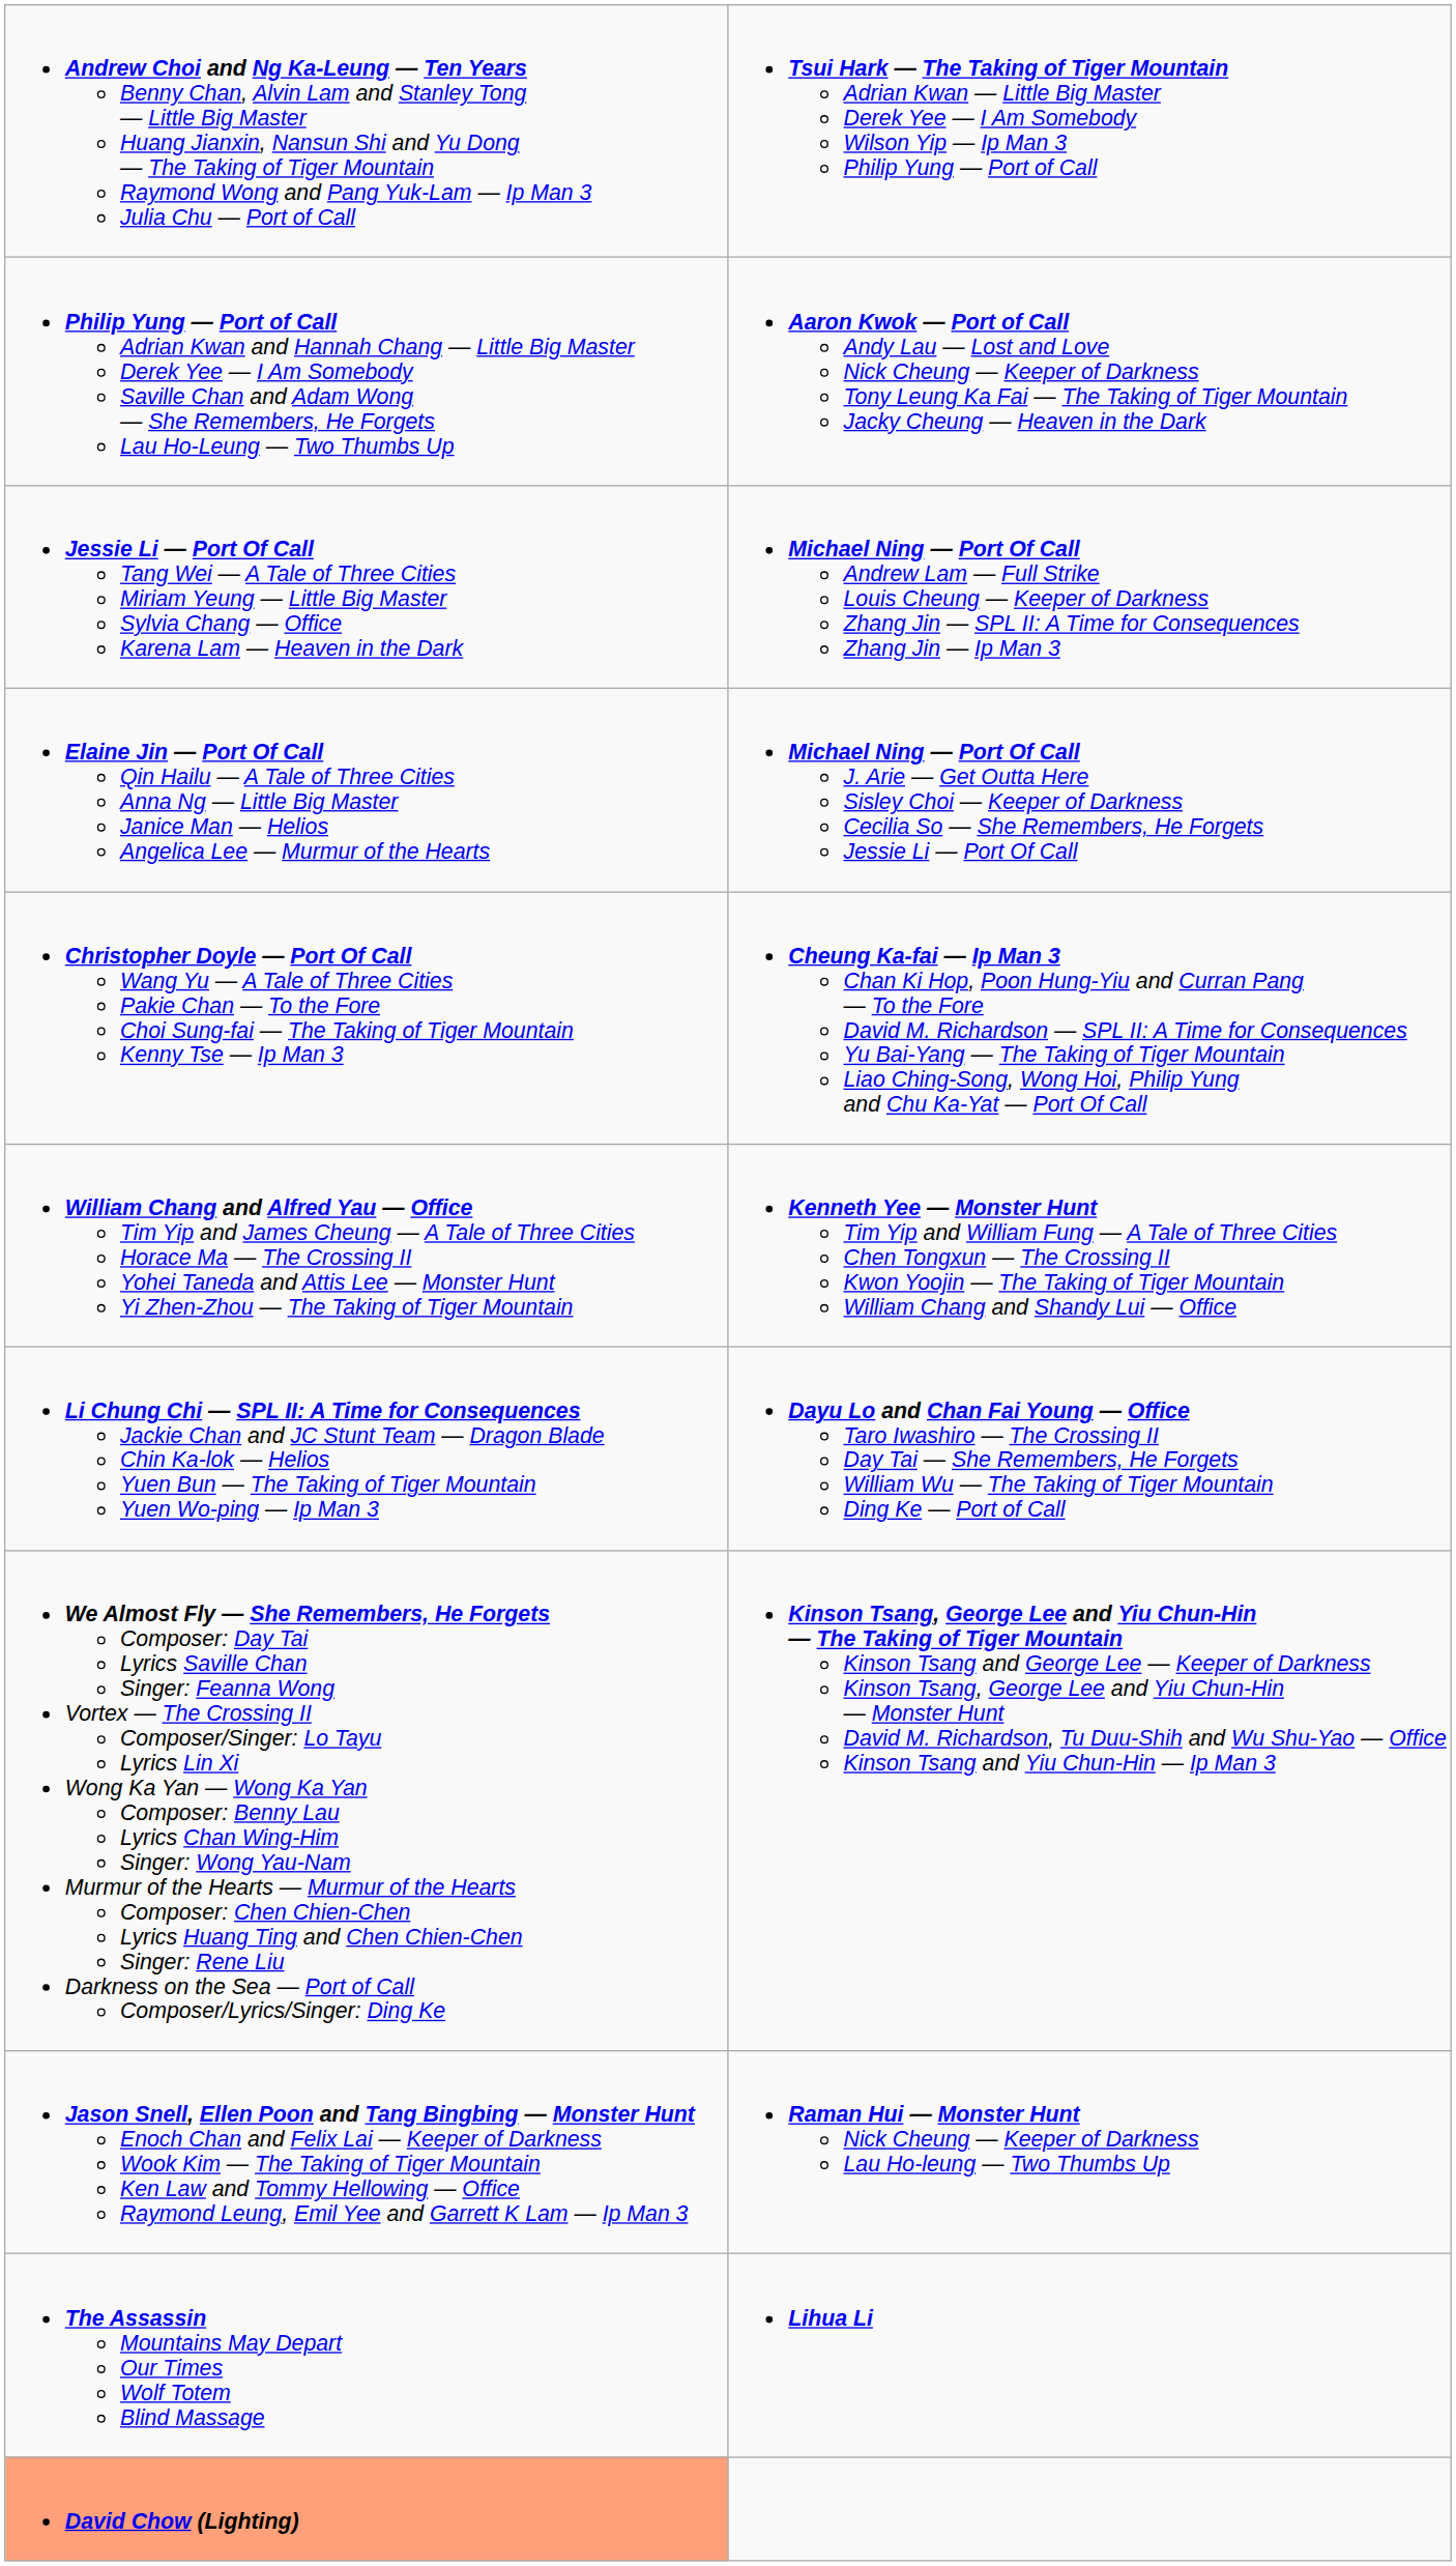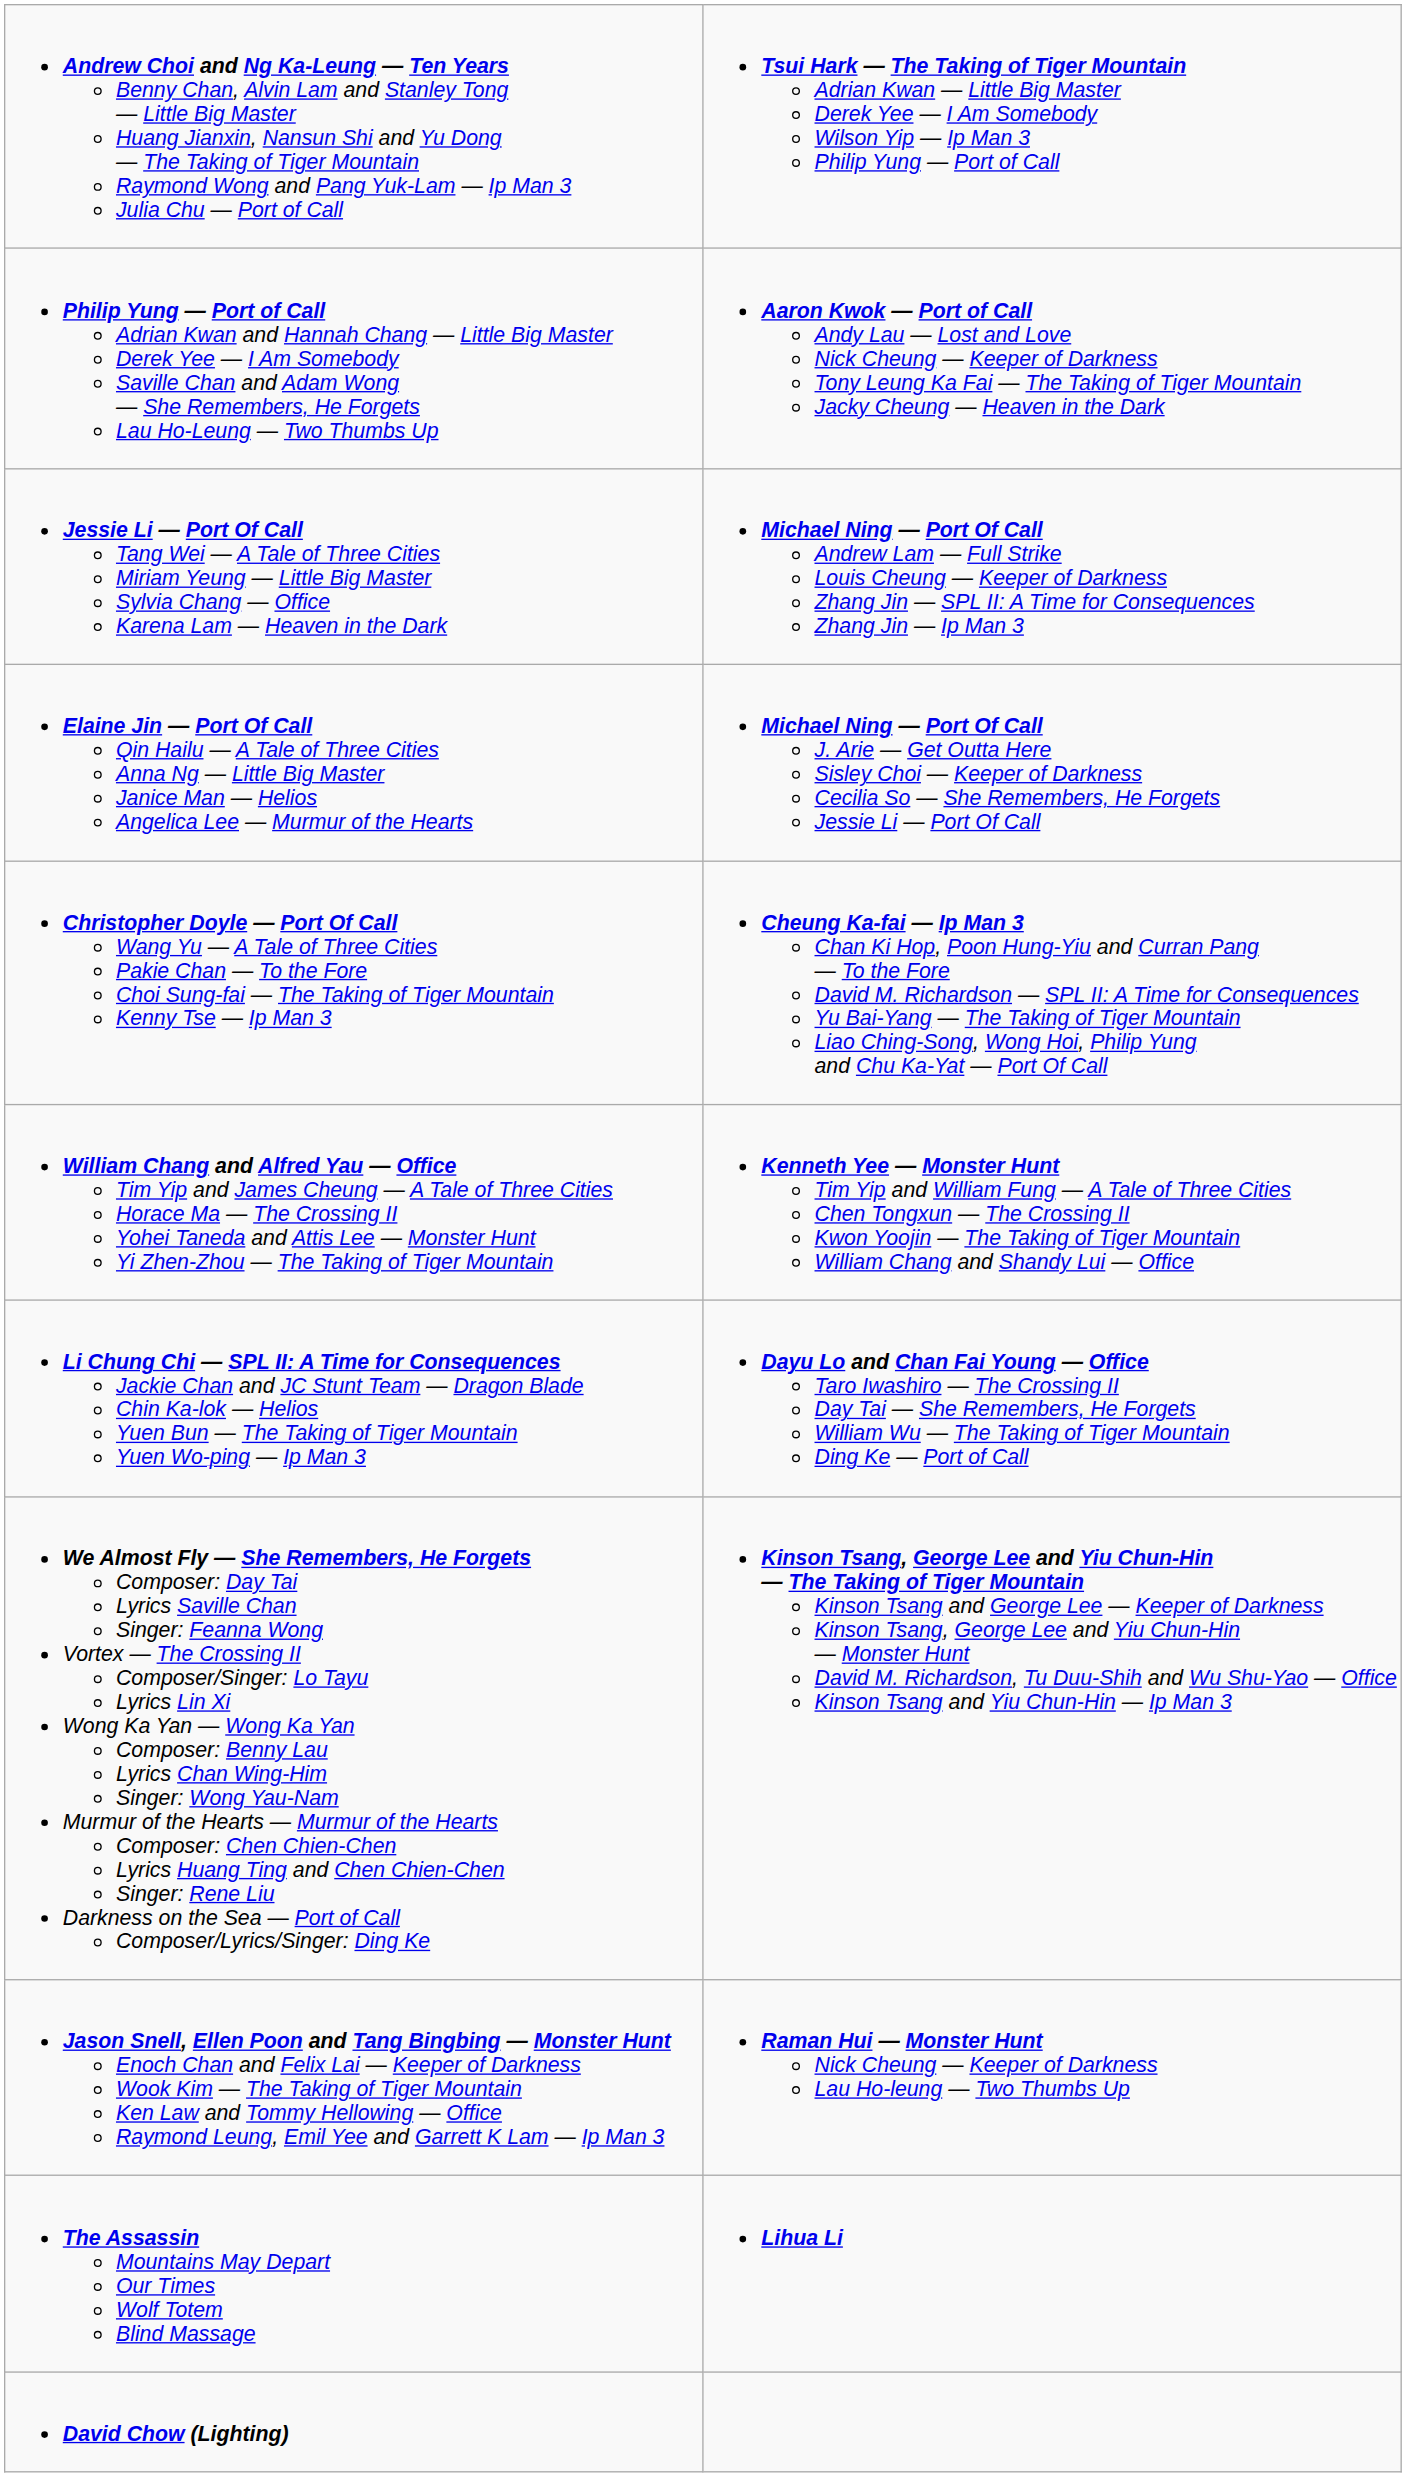 <table class=wikitable>
 <tr>
 <td valign="top" width="50%"><br><ul><li><strong><em><a href='#'>Andrew Choi</a> and <a href='#'>Ng Ka-Leung</a> — <a href='#'>Ten Years</a></em></strong><ul><li><em><a href='#'>Benny Chan</a>, <a href='#'>Alvin Lam</a>  and <a href='#'>Stanley Tong</a> <br>— <a href='#'>Little Big Master</a></em></li><li><em><a href='#'>Huang Jianxin</a>, <a href='#'>Nansun Shi</a> and <a href='#'>Yu Dong</a>  <br> — <a href='#'>The Taking of Tiger Mountain</a></em></li><li><em><a href='#'>Raymond Wong</a> and <a href='#'>Pang Yuk-Lam</a> — <a href='#'>Ip Man 3</a></em></li><li><em><a href='#'>Julia Chu</a> — <a href='#'>Port of Call</a></em></li></ul></li></ul></td>
 <td valign="top" width="50%"><br><ul><li><strong><em><a href='#'>Tsui Hark</a> — <a href='#'>The Taking of Tiger Mountain</a></em></strong><ul><li><em><a href='#'>Adrian Kwan</a> — <a href='#'>Little Big Master</a></em></li><li><em><a href='#'>Derek Yee</a> — <a href='#'>I Am Somebody</a></em></li><li><em><a href='#'>Wilson Yip</a> — <a href='#'>Ip Man 3</a></em></li><li><em><a href='#'>Philip Yung</a> — <a href='#'>Port of Call</a></em></li></ul></li></ul></td>
 </tr>
 <tr>
 <td valign="top" width="50%"><br><ul><li><strong><em><a href='#'>Philip Yung</a> — <a href='#'>Port of Call</a></em></strong><ul><li><em><a href='#'>Adrian Kwan</a> and <a href='#'>Hannah Chang</a> — <a href='#'>Little Big Master</a></em></li><li><em><a href='#'>Derek Yee</a> — <a href='#'>I Am Somebody</a></em></li><li><em><a href='#'>Saville Chan</a> and <a href='#'>Adam Wong</a> <br> — <a href='#'>She Remembers, He Forgets</a></em></li><li><em><a href='#'>Lau Ho-Leung</a> — <a href='#'>Two Thumbs Up</a></em></li></ul></li></ul></td>
 <td valign="top" width="50%"><br><ul><li><strong><em><a href='#'>Aaron Kwok</a> — <a href='#'>Port of Call</a></em></strong><ul><li><em><a href='#'>Andy Lau</a> — <a href='#'>Lost and Love</a></em></li><li><em><a href='#'>Nick Cheung</a> — <a href='#'>Keeper of Darkness</a></em></li><li><em><a href='#'>Tony Leung Ka Fai</a> — <a href='#'>The Taking of Tiger Mountain</a></em></li><li><em><a href='#'>Jacky Cheung</a> — <a href='#'>Heaven in the Dark</a></em></li></ul></li></ul></td>
 </tr>
 <tr>
 <td valign="top" width="50%"><br><ul><li><strong><em><a href='#'>Jessie Li</a> — <a href='#'>Port Of Call</a></em></strong><ul><li><em><a href='#'>Tang Wei</a> — <a href='#'>A Tale of Three Cities</a></em></li><li><em><a href='#'>Miriam Yeung</a> — <a href='#'>Little Big Master</a></em></li><li><em><a href='#'>Sylvia Chang</a> — <a href='#'>Office</a></em></li><li><em><a href='#'>Karena Lam</a> — <a href='#'>Heaven in the Dark</a></em></li></ul></li></ul></td>
 <td valign="top" width="50%"><br><ul><li><strong><em><a href='#'>Michael Ning</a> — <a href='#'>Port Of Call</a></em></strong><ul><li><em><a href='#'>Andrew Lam</a> — <a href='#'>Full Strike</a></em></li><li><em><a href='#'>Louis Cheung</a> — <a href='#'>Keeper of Darkness</a></em></li><li><em><a href='#'>Zhang Jin</a> — <a href='#'>SPL II: A Time for Consequences</a></em></li><li><em><a href='#'>Zhang Jin</a> — <a href='#'>Ip Man 3</a></em></li></ul></li></ul></td>
 </tr>
 <tr>
 <td valign="top" width="50%"><br><ul><li><strong><em><a href='#'>Elaine Jin</a> — <a href='#'>Port Of Call</a></em></strong><ul><li><em><a href='#'>Qin Hailu</a> — <a href='#'>A Tale of Three Cities</a></em></li><li><em><a href='#'>Anna Ng</a> — <a href='#'>Little Big Master</a></em></li><li><em><a href='#'>Janice Man</a> — <a href='#'>Helios</a></em></li><li><em><a href='#'>Angelica Lee</a> — <a href='#'>Murmur of the Hearts</a></em></li></ul></li></ul></td>
 <td valign="top" width="50%"><br><ul><li><strong><em><a href='#'>Michael Ning</a> — <a href='#'>Port Of Call</a></em></strong><ul><li><em><a href='#'>J. Arie</a> — <a href='#'>Get Outta Here</a></em></li><li><em><a href='#'>Sisley Choi</a> — <a href='#'>Keeper of Darkness</a></em></li><li><em><a href='#'>Cecilia So</a> — <a href='#'>She Remembers, He Forgets</a></em></li><li><em><a href='#'>Jessie Li</a> — <a href='#'>Port Of Call</a></em></li></ul></li></ul></td>
 </tr>
 <tr>
 <td valign="top" width="50%"><br><ul><li><strong><em><a href='#'>Christopher Doyle</a> — <a href='#'>Port Of Call</a></em></strong><ul><li><em><a href='#'>Wang Yu</a> — <a href='#'>A Tale of Three Cities</a></em></li><li><em><a href='#'>Pakie Chan</a> — <a href='#'>To the Fore</a></em></li><li><em><a href='#'>Choi Sung-fai</a> — <a href='#'>The Taking of Tiger Mountain</a></em></li><li><em><a href='#'>Kenny Tse</a> — <a href='#'>Ip Man 3</a></em></li></ul></li></ul></td>
 <td valign="top" width="50%"><br><ul><li><strong><em><a href='#'>Cheung Ka-fai</a> — <a href='#'>Ip Man 3</a></em></strong><ul><li><em><a href='#'>Chan Ki Hop</a>, <a href='#'>Poon Hung-Yiu</a> and <a href='#'>Curran Pang</a> <br> — <a href='#'>To the Fore</a></em></li><li><em><a href='#'>David M. Richardson</a> — <a href='#'>SPL II: A Time for Consequences</a></em></li><li><em><a href='#'>Yu Bai-Yang</a> — <a href='#'>The Taking of Tiger Mountain</a></em></li><li><em><a href='#'>Liao Ching-Song</a>, <a href='#'>Wong Hoi</a>, <a href='#'>Philip Yung</a> <br> and <a href='#'>Chu Ka-Yat</a> — <a href='#'>Port Of Call</a></em></li></ul></li></ul></td>
 </tr>
 <tr>
 <td valign="top" width="50%"><br><ul><li><strong><em><a href='#'>William Chang</a> and <a href='#'>Alfred Yau</a> — <a href='#'>Office</a></em></strong><ul><li><em><a href='#'>Tim Yip</a> and <a href='#'>James Cheung</a> — <a href='#'>A Tale of Three Cities</a></em></li><li><em><a href='#'>Horace Ma</a> — <a href='#'>The Crossing II</a></em></li><li><em><a href='#'>Yohei Taneda</a> and <a href='#'>Attis Lee</a> — <a href='#'>Monster Hunt</a></em></li><li><em><a href='#'>Yi Zhen-Zhou</a> — <a href='#'>The Taking of Tiger Mountain</a></em></li></ul></li></ul></td>
 <td valign="top" width="50%"><br><ul><li><strong><em><a href='#'>Kenneth Yee</a> — <a href='#'>Monster Hunt</a></em></strong><ul><li><em><a href='#'>Tim Yip</a> and <a href='#'>William Fung</a> — <a href='#'>A Tale of Three Cities</a></em></li><li><em><a href='#'>Chen Tongxun</a> — <a href='#'>The Crossing II</a></em></li><li><em><a href='#'>Kwon Yoojin</a> — <a href='#'>The Taking of Tiger Mountain</a></em></li><li><em><a href='#'>William Chang</a> and <a href='#'>Shandy Lui</a> — <a href='#'>Office</a></em></li></ul></li></ul></td>
 </tr>
 <tr>
 <td valign="top" width="50%"><br><ul><li><strong><em><a href='#'>Li Chung Chi</a> — <a href='#'>SPL II: A Time for Consequences</a></em></strong><ul><li><em><a href='#'>Jackie Chan</a> and <a href='#'>JC Stunt Team</a> — <a href='#'>Dragon Blade</a></em></li><li><em><a href='#'>Chin Ka-lok</a> — <a href='#'>Helios</a></em></li><li><em><a href='#'>Yuen Bun</a> — <a href='#'>The Taking of Tiger Mountain</a></em></li><li><em><a href='#'>Yuen Wo-ping</a> — <a href='#'>Ip Man 3</a></em></li></ul></li></ul></td>
 <td valign="top" width="50%"><br><ul><li><strong><em><a href='#'>Dayu Lo</a> and <a href='#'>Chan Fai Young</a> — <a href='#'>Office</a></em></strong><ul><li><em><a href='#'>Taro Iwashiro</a> — <a href='#'>The Crossing II</a></em></li><li><em><a href='#'>Day Tai</a> — <a href='#'>She Remembers, He Forgets</a></em></li><li><em><a href='#'>William Wu</a> — <a href='#'>The Taking of Tiger Mountain</a></em></li><li><em><a href='#'>Ding Ke</a> — <a href='#'>Port of Call</a></em></li></ul></li></ul></td>
 </tr>
 <tr>
 <td valign="top" width="50%"><br><ul><li><strong><em> We Almost Fly — <a href='#'>She Remembers, He Forgets</a></em></strong><ul><li><em>Composer: <a href='#'>Day Tai</a></em></li><li><em>Lyrics <a href='#'>Saville Chan</a></em></li><li><em>Singer: <a href='#'>Feanna Wong</a></em></li></ul></li><li><em>Vortex — <a href='#'>The Crossing II</a></em><ul><li><em>Composer/Singer: <a href='#'>Lo Tayu</a></em></li><li><em>Lyrics <a href='#'>Lin Xi</a></em></li></ul></li><li><em>Wong Ka Yan — <a href='#'>Wong Ka Yan</a></em><ul><li><em>Composer: <a href='#'>Benny Lau</a></em></li><li><em>Lyrics <a href='#'>Chan Wing-Him</a></em></li><li><em>Singer: <a href='#'>Wong Yau-Nam</a></em></li></ul></li><li><em>Murmur of the Hearts — <a href='#'>Murmur of the Hearts</a></em><ul><li><em>Composer: <a href='#'>Chen Chien-Chen</a></em></li><li><em>Lyrics <a href='#'>Huang Ting</a> and <a href='#'>Chen Chien-Chen</a></em></li><li><em>Singer: <a href='#'>Rene Liu</a></em></li></ul></li><li><em>Darkness on the Sea — <a href='#'>Port of Call</a></em><ul><li><em>Composer/Lyrics/Singer: <a href='#'>Ding Ke</a></em></li></ul></li></ul></td>
 <td valign="top" width="50%"><br><ul><li><strong><em><a href='#'>Kinson Tsang</a>, <a href='#'>George Lee</a> and <a href='#'>Yiu Chun-Hin</a> <br> — <a href='#'>The Taking of Tiger Mountain</a></em></strong><ul><li><em><a href='#'>Kinson Tsang</a> and <a href='#'>George Lee</a> — <a href='#'>Keeper of Darkness</a></em></li><li><em><a href='#'>Kinson Tsang</a>, <a href='#'>George Lee</a> and <a href='#'>Yiu Chun-Hin</a> <br> — <a href='#'>Monster Hunt</a></em></li><li><em><a href='#'>David M. Richardson</a>, <a href='#'>Tu Duu-Shih</a> and <a href='#'>Wu Shu-Yao</a> — <a href='#'>Office</a></em></li><li><em><a href='#'>Kinson Tsang</a> and <a href='#'>Yiu Chun-Hin</a> — <a href='#'>Ip Man 3</a></em></li></ul></li></ul></td>
 </tr>
 <tr>
 <td valign="top" width="50%"><br><ul><li><strong><em><a href='#'>Jason Snell</a>, <a href='#'>Ellen Poon</a>  and <a href='#'>Tang Bingbing</a> — <a href='#'>Monster Hunt</a></em></strong><ul><li><em><a href='#'>Enoch Chan</a> and <a href='#'>Felix Lai</a> — <a href='#'>Keeper of Darkness</a></em></li><li><em><a href='#'>Wook Kim</a> — <a href='#'>The Taking of Tiger Mountain</a></em></li><li><em><a href='#'>Ken Law</a> and <a href='#'>Tommy Hellowing</a> — <a href='#'>Office</a></em></li><li><em><a href='#'>Raymond Leung</a>, <a href='#'>Emil Yee</a> and <a href='#'>Garrett K Lam</a> — <a href='#'>Ip Man 3</a></em></li></ul></li></ul></td>
 <td valign="top" width="50%"><br><ul><li><strong><em><a href='#'>Raman Hui</a> — <a href='#'>Monster Hunt</a></em></strong><ul><li><em><a href='#'>Nick Cheung</a> — <a href='#'>Keeper of Darkness</a></em></li><li><em><a href='#'>Lau Ho-leung</a> — <a href='#'>Two Thumbs Up</a></em></li></ul></li></ul></td>
 </tr>
 <tr>
 <td valign="top" width="50%"><br><ul><li><strong><em><a href='#'>The Assassin</a></em></strong><ul><li><em> <a href='#'>Mountains May Depart</a> </em></li><li><em> <a href='#'>Our Times</a> </em></li><li><em> <a href='#'>Wolf Totem</a> </em></li><li><em> <a href='#'>Blind Massage</a> </em></li></ul></li></ul></td>
 <td valign="top" width="50%"><br><ul><li><strong><em><a href='#'>Lihua Li</a></em></strong></li></ul></td>
 </tr>
 <tr>
-<td valign="top" width="50%" style="background: lightsalmon;"><br><ul><li><strong><em><a href='#'>David Chow</a> (Lighting)</em></strong></li></ul></td>
+<td valign="top" width="50%"><br><ul><li><strong><em><a href='#'>David Chow</a> (Lighting)</em></strong></li></ul></td>
 </tr>
 </table>
